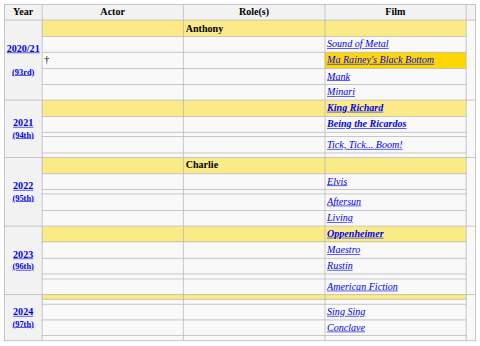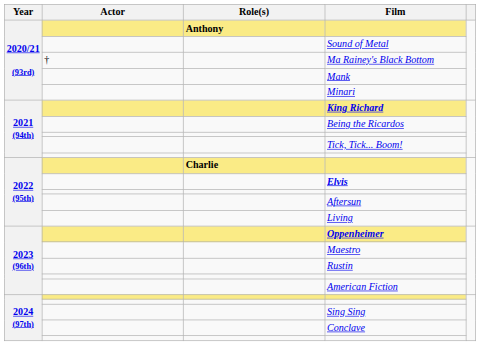 <table class="wikitable sortable" style="text-align:left;">
 <tr>
 <th scope="col" style="width:8%;">Year</th>
 <th scope="col" style="width:30%;">Actor</th>
 <th scope="col" style="width:30%;">Role(s)</th>
 <th scope="col" style="width:30%;">Film</th>
 <th><strong></strong></th>
 </tr>
 <tr>
 <th rowspan="5"><a href='#'>2020/21</a><br><br> <small><a href='#'>(93rd)</a></small></th>
 <td style="background:#FAEB86;"><strong></strong> <strong></strong></td>
 <td style="background:#FAEB86;"><strong>Anthony</strong></td>
 <td style="background:#FAEB86;"><strong></strong></td>
 <td rowspan="5"></td>
 </tr>
 <tr>
 <td></td>
 <td></td>
 <td><em><a href='#'>Sound of Metal</a></em></td>
 </tr>
 <tr>
 <td> †</td>
 <td></td>
-<td style="background: gold;"><em><a href='#'>Ma Rainey's Black Bottom</a></em></td>
+<td><em><a href='#'>Ma Rainey's Black Bottom</a></em></td>
 </tr>
 <tr>
 <td></td>
 <td></td>
 <td><em><a href='#'>Mank</a></em></td>
 </tr>
 <tr>
 <td></td>
 <td></td>
 <td><em><a href='#'>Minari</a></em></td>
 </tr>
 <tr>
 <th rowspan="5"><a href='#'>2021</a><br><small><a href='#'>(94th)</a></small></th>
 <td style="background:#FAEB86;"><strong></strong> <strong></strong></td>
 <td style="background:#FAEB86;"><strong></strong></td>
 <td style="background:#FAEB86;"><strong><em><a href='#'>King Richard</a></em></strong></td>
 <td rowspan="5"></td>
 </tr>
 <tr>
 <td></td>
 <td></td>
-<td><strong><em><a href='#'>Being the Ricardos</a></em></strong></td>
+<td><em><a href='#'>Being the Ricardos</a></em></td>
 </tr>
 <tr>
 <td></td>
 <td></td>
 <td></td>
 </tr>
 <tr>
 <td></td>
 <td></td>
 <td><em><a href='#'>Tick, Tick... Boom!</a></em></td>
 </tr>
 <tr>
 <td></td>
 <td></td>
 <td></td>
 </tr>
 <tr>
 <th rowspan="5"><a href='#'>2022</a><br><small><a href='#'>(95th)</a></small></th>
 <td style="background:#FAEB86;"><strong></strong> <strong></strong></td>
 <td style="background:#FAEB86;"><strong>Charlie</strong></td>
 <td style="background:#FAEB86;"><strong></strong></td>
 <td rowspan="5"></td>
 </tr>
 <tr>
 <td></td>
 <td></td>
-<td><em><a href='#'>Elvis</a></em></td>
+<td><strong><em><a href='#'>Elvis</a></em></strong></td>
 </tr>
 <tr>
 <td></td>
 <td></td>
 <td></td>
 </tr>
 <tr>
 <td></td>
 <td></td>
 <td><em><a href='#'>Aftersun</a></em></td>
 </tr>
 <tr>
 <td></td>
 <td></td>
 <td><em><a href='#'>Living</a></em></td>
 </tr>
 <tr>
 <th scope="row" rowspan=5 style="text-align:center"><a href='#'>2023</a><br><small><a href='#'>(96th)</a></small></th>
 <td style="background:#FAEB86;"><strong></strong> <strong></strong></td>
 <td style="background:#FAEB86;"><strong></strong></td>
 <td style="background:#FAEB86;"><strong><em><a href='#'>Oppenheimer</a></em></strong></td>
 <td rowspan="5"></td>
 </tr>
 <tr>
 <td></td>
 <td></td>
 <td><em><a href='#'>Maestro</a></em></td>
 </tr>
 <tr>
 <td></td>
 <td></td>
 <td><em><a href='#'>Rustin</a></em></td>
 </tr>
 <tr>
 <td></td>
 <td></td>
 <td></td>
 </tr>
 <tr>
 <td></td>
 <td></td>
 <td><em><a href='#'>American Fiction</a></em></td>
 </tr>
 <tr>
 <th scope="row" rowspan=5 style="text-align:center"><a href='#'>2024</a><br><small><a href='#'>(97th)</a></small></th>
 <td style="background:#FAEB86;"><strong></strong> <strong></strong></td>
 <td style="background:#FAEB86;"><strong></strong></td>
 <td style="background:#FAEB86;"><strong></strong></td>
 <td rowspan="5"></td>
 </tr>
 <tr>
 <td></td>
 <td></td>
 <td></td>
 </tr>
 <tr>
 <td></td>
 <td></td>
 <td><em><a href='#'>Sing Sing</a></em></td>
 </tr>
 <tr>
 <td></td>
 <td></td>
 <td><em><a href='#'>Conclave</a></em></td>
 </tr>
 <tr>
 <td></td>
 <td></td>
 <td></td>
 </tr>
 </table>
